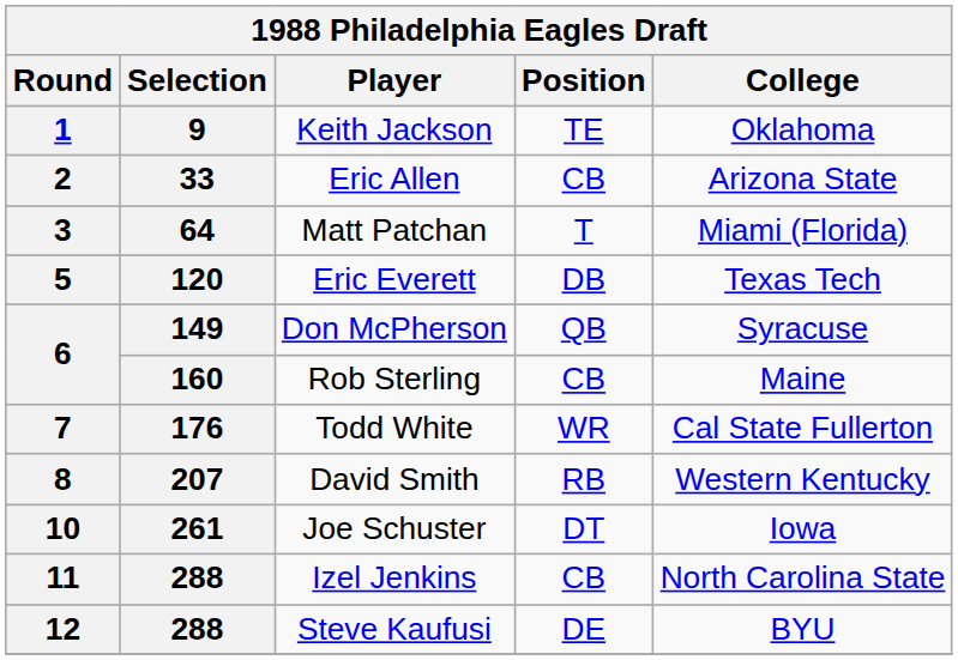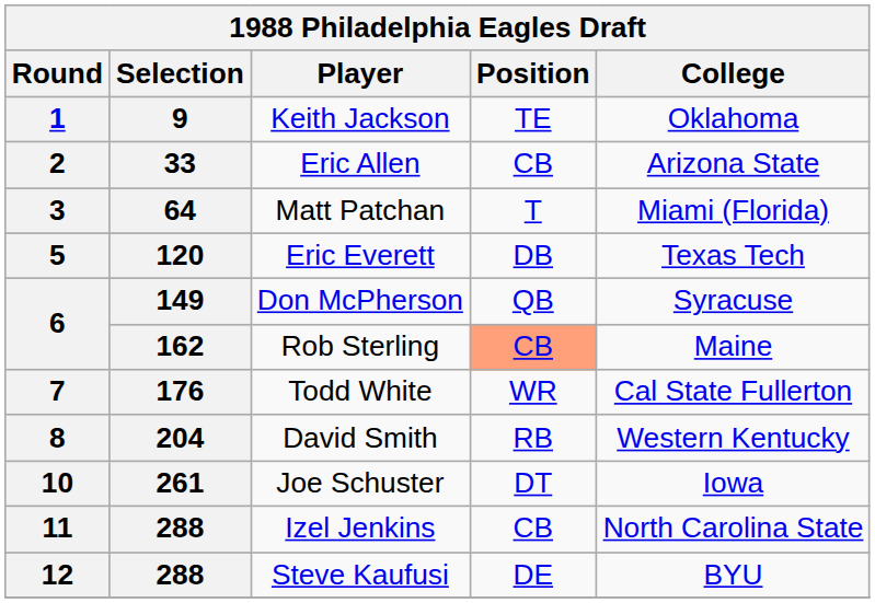 <table class="wikitable" style="text-align:center">
 <tr>
 <th colspan=6>1988 Philadelphia Eagles Draft</th>
 </tr>
 <tr>
 <th>Round</th>
 <th>Selection</th>
 <th>Player</th>
 <th>Position</th>
 <th>College</th>
 </tr>
 <tr>
 <th><a href='#'>1</a></th>
 <th>9</th>
 <td><a href='#'>Keith Jackson</a></td>
 <td><a href='#'>TE</a></td>
 <td><a href='#'>Oklahoma</a></td>
 </tr>
 <tr>
 <th>2</th>
 <th>33</th>
 <td><a href='#'>Eric Allen</a></td>
 <td><a href='#'>CB</a></td>
 <td><a href='#'>Arizona State</a></td>
 </tr>
 <tr>
 <th>3</th>
 <th>64</th>
 <td>Matt Patchan</td>
 <td><a href='#'>T</a></td>
 <td><a href='#'>Miami (Florida)</a></td>
 </tr>
 <tr>
 <th>5</th>
 <th>120</th>
 <td><a href='#'>Eric Everett</a></td>
 <td><a href='#'>DB</a></td>
 <td><a href='#'>Texas Tech</a></td>
 </tr>
 <tr>
 <th rowspan="2">6</th>
 <th>149</th>
 <td><a href='#'>Don McPherson</a></td>
 <td><a href='#'>QB</a></td>
 <td><a href='#'>Syracuse</a></td>
 </tr>
 <tr>
-<th>160</th>
+<th>162</th>
 <td>Rob Sterling</td>
-<td><a href='#'>CB</a></td>
+<td style="background: lightsalmon;"><a href='#'>CB</a></td>
 <td><a href='#'>Maine</a></td>
 </tr>
 <tr>
 <th>7</th>
 <th>176</th>
 <td>Todd White</td>
 <td><a href='#'>WR</a></td>
 <td><a href='#'>Cal State Fullerton</a></td>
 </tr>
 <tr>
 <th>8</th>
-<th>207</th>
+<th>204</th>
 <td>David Smith</td>
 <td><a href='#'>RB</a></td>
 <td><a href='#'>Western Kentucky</a></td>
 </tr>
 <tr>
 <th>10</th>
 <th>261</th>
 <td>Joe Schuster</td>
 <td><a href='#'>DT</a></td>
 <td><a href='#'>Iowa</a></td>
 </tr>
 <tr>
 <th>11</th>
 <th>288</th>
 <td><a href='#'>Izel Jenkins</a></td>
 <td><a href='#'>CB</a></td>
 <td><a href='#'>North Carolina State</a></td>
 </tr>
 <tr>
 <th>12</th>
 <th>288</th>
 <td><a href='#'>Steve Kaufusi</a></td>
 <td><a href='#'>DE</a></td>
 <td><a href='#'>BYU</a></td>
 </tr>
 <tr>
 </tr>
 </table>
